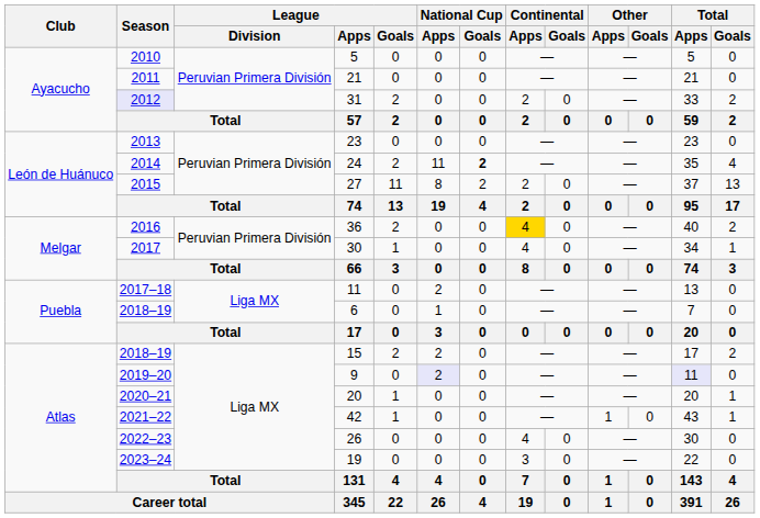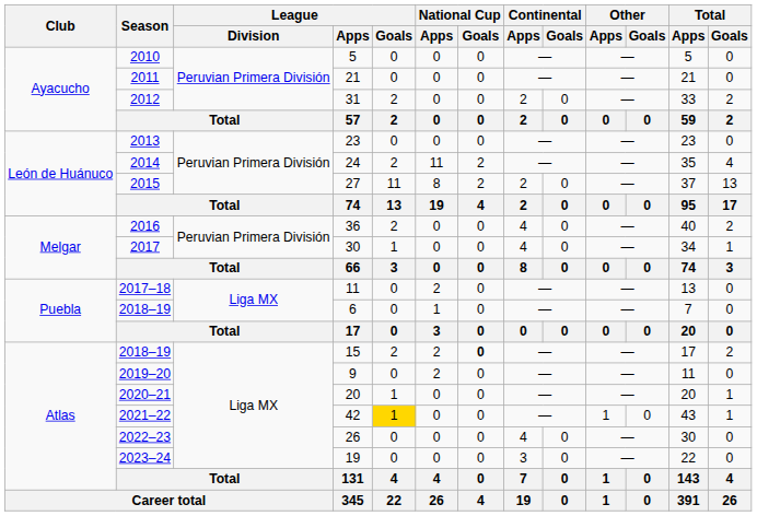 <table class="wikitable", style="text-align:center">
 <tr>
 <th rowspan="2">Club</th>
 <th rowspan="2">Season</th>
 <th colspan="3">League</th>
 <th colspan="2">National Cup</th>
 <th colspan="2">Continental</th>
 <th colspan="2">Other</th>
 <th colspan="2">Total</th>
 </tr>
 <tr>
 <th>Division</th>
 <th>Apps</th>
 <th>Goals</th>
 <th>Apps</th>
 <th>Goals</th>
 <th>Apps</th>
 <th>Goals</th>
 <th>Apps</th>
 <th>Goals</th>
 <th>Apps</th>
 <th>Goals</th>
 </tr>
 <tr>
 <td rowspan="4"><a href='#'>Ayacucho</a></td>
 <td><a href='#'>2010</a></td>
 <td rowspan="3"><a href='#'>Peruvian Primera División</a></td>
 <td>5</td>
 <td>0</td>
 <td>0</td>
 <td>0</td>
 <td colspan="2">—</td>
 <td colspan="2">—</td>
 <td>5</td>
 <td>0</td>
 </tr>
 <tr>
 <td><a href='#'>2011</a></td>
 <td>21</td>
 <td>0</td>
 <td>0</td>
 <td>0</td>
 <td colspan="2">—</td>
 <td colspan="2">—</td>
 <td>21</td>
 <td>0</td>
 </tr>
 <tr>
-<td style="background: lavender;"><a href='#'>2012</a></td>
+<td><a href='#'>2012</a></td>
 <td>31</td>
 <td>2</td>
 <td>0</td>
 <td>0</td>
 <td>2</td>
 <td>0</td>
 <td colspan="2">—</td>
 <td>33</td>
 <td>2</td>
 </tr>
 <tr>
 <th colspan="2">Total</th>
 <th>57</th>
 <th>2</th>
 <th>0</th>
 <th>0</th>
 <th>2</th>
 <th>0</th>
 <th>0</th>
 <th>0</th>
 <th>59</th>
 <th>2</th>
 </tr>
 <tr>
 <td rowspan="4"><a href='#'>León de Huánuco</a></td>
 <td><a href='#'>2013</a></td>
 <td rowspan="3">Peruvian Primera División</td>
 <td>23</td>
 <td>0</td>
 <td>0</td>
 <td>0</td>
 <td colspan="2">—</td>
 <td colspan="2">—</td>
 <td>23</td>
 <td>0</td>
 </tr>
 <tr>
 <td><a href='#'>2014</a></td>
 <td>24</td>
 <td>2</td>
 <td>11</td>
-<td><strong>2</strong></td>
+<td>2</td>
 <td colspan="2">—</td>
 <td colspan="2">—</td>
 <td>35</td>
 <td>4</td>
 </tr>
 <tr>
 <td><a href='#'>2015</a></td>
 <td>27</td>
 <td>11</td>
 <td>8</td>
 <td>2</td>
 <td>2</td>
 <td>0</td>
 <td colspan="2">—</td>
 <td>37</td>
 <td>13</td>
 </tr>
 <tr>
 <th colspan="2">Total</th>
 <th>74</th>
 <th>13</th>
 <th>19</th>
 <th>4</th>
 <th>2</th>
 <th>0</th>
 <th>0</th>
 <th>0</th>
 <th>95</th>
 <th>17</th>
 </tr>
 <tr>
 <td rowspan="3"><a href='#'>Melgar</a></td>
 <td><a href='#'>2016</a></td>
 <td rowspan="2">Peruvian Primera División</td>
 <td>36</td>
 <td>2</td>
 <td>0</td>
 <td>0</td>
-<td style="background: gold;">4</td>
+<td>4</td>
 <td>0</td>
 <td colspan="2">—</td>
 <td>40</td>
 <td>2</td>
 </tr>
 <tr>
 <td><a href='#'>2017</a></td>
 <td>30</td>
 <td>1</td>
 <td>0</td>
 <td>0</td>
 <td>4</td>
 <td>0</td>
 <td colspan="2">—</td>
 <td>34</td>
 <td>1</td>
 </tr>
 <tr>
 <th colspan="2">Total</th>
 <th>66</th>
 <th>3</th>
 <th>0</th>
 <th>0</th>
 <th>8</th>
 <th>0</th>
 <th>0</th>
 <th>0</th>
 <th>74</th>
 <th>3</th>
 </tr>
 <tr>
 <td rowspan="3"><a href='#'>Puebla</a></td>
 <td><a href='#'>2017–18</a></td>
 <td rowspan="2"><a href='#'>Liga MX</a></td>
 <td>11</td>
 <td>0</td>
 <td>2</td>
 <td>0</td>
 <td colspan="2">—</td>
 <td colspan="2">—</td>
 <td>13</td>
 <td>0</td>
 </tr>
 <tr>
 <td><a href='#'>2018–19</a></td>
 <td>6</td>
 <td>0</td>
 <td>1</td>
 <td>0</td>
 <td colspan="2">—</td>
 <td colspan="2">—</td>
 <td>7</td>
 <td>0</td>
 </tr>
 <tr>
 <th colspan="2">Total</th>
 <th>17</th>
 <th>0</th>
 <th>3</th>
 <th>0</th>
 <th>0</th>
 <th>0</th>
 <th>0</th>
 <th>0</th>
 <th>20</th>
 <th>0</th>
 </tr>
 <tr>
 <td rowspan="7"><a href='#'>Atlas</a></td>
 <td><a href='#'>2018–19</a></td>
 <td rowspan="6">Liga MX</td>
 <td>15</td>
 <td>2</td>
 <td>2</td>
-<td>0</td>
+<td><strong>0</strong></td>
 <td colspan="2">—</td>
 <td colspan="2">—</td>
 <td>17</td>
 <td>2</td>
 </tr>
 <tr>
 <td><a href='#'>2019–20</a></td>
 <td>9</td>
 <td>0</td>
-<td style="background: lavender;">2</td>
+<td>2</td>
 <td>0</td>
 <td colspan="2">—</td>
 <td colspan="2">—</td>
-<td style="background: lavender;">11</td>
+<td>11</td>
 <td>0</td>
 </tr>
 <tr>
 <td><a href='#'>2020–21</a></td>
 <td>20</td>
 <td>1</td>
 <td>0</td>
 <td>0</td>
 <td colspan="2">—</td>
 <td colspan="2">—</td>
 <td>20</td>
 <td>1</td>
 </tr>
 <tr>
 <td><a href='#'>2021–22</a></td>
 <td>42</td>
-<td>1</td>
+<td style="background: gold;">1</td>
 <td>0</td>
 <td>0</td>
 <td colspan="2">—</td>
 <td>1</td>
 <td>0</td>
 <td>43</td>
 <td>1</td>
 </tr>
 <tr>
 <td><a href='#'>2022–23</a></td>
 <td>26</td>
 <td>0</td>
 <td>0</td>
 <td>0</td>
 <td>4</td>
 <td>0</td>
 <td colspan="2">—</td>
 <td>30</td>
 <td>0</td>
 </tr>
 <tr>
 <td><a href='#'>2023–24</a></td>
 <td>19</td>
 <td>0</td>
 <td>0</td>
 <td>0</td>
 <td>3</td>
 <td>0</td>
 <td colspan="2">—</td>
 <td>22</td>
 <td>0</td>
 </tr>
 <tr>
 <th colspan="2">Total</th>
 <th>131</th>
 <th>4</th>
 <th>4</th>
 <th>0</th>
 <th>7</th>
 <th>0</th>
 <th>1</th>
 <th>0</th>
 <th>143</th>
 <th>4</th>
 </tr>
 <tr>
 <th colspan="3">Career total</th>
 <th>345</th>
 <th>22</th>
 <th>26</th>
 <th>4</th>
 <th>19</th>
 <th>0</th>
 <th>1</th>
 <th>0</th>
 <th>391</th>
 <th>26</th>
 </tr>
 </table>
